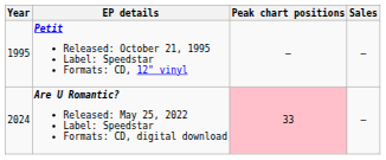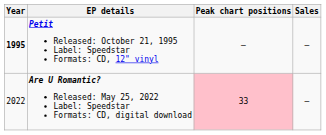 <table class="wikitable">
 <tr>
 <th>Year</th>
 <th>EP details</th>
 <th>Peak chart positions</th>
 <th>Sales</th>
 </tr>
 <tr>
-<td align="center">1995</td>
+<td align="center"><strong>1995</strong></td>
 <td><strong><em><a href='#'>Petit</a></em></strong><br><ul><li>Released: October 21, 1995</li><li>Label: Speedstar</li><li>Formats: CD, <a href='#'>12" vinyl</a></li></ul></td>
 <td align="center">—</td>
 <td align="center">—</td>
 </tr>
 <tr>
-<td align="center">2024</td>
+<td align="center">2022</td>
 <td><strong><em>Are U Romantic?</em></strong><br><ul><li>Released: May 25, 2022</li><li>Label: Speedstar</li><li>Formats: CD, digital download</li></ul></td>
 <td align="center" style="background: pink;">33</td>
 <td align="center">—</td>
 </tr>
 </table>
